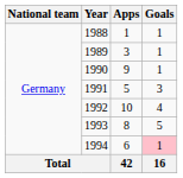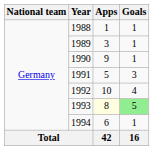 <table class="wikitable" style="text-align:center">
 <tr>
 <th>National team</th>
 <th>Year</th>
 <th>Apps</th>
 <th>Goals</th>
 </tr>
 <tr>
 <td rowspan="7"><a href='#'>Germany</a></td>
 <td>1988</td>
 <td>1</td>
 <td>1</td>
 </tr>
 <tr>
 <td>1989</td>
 <td>3</td>
 <td>1</td>
 </tr>
 <tr>
 <td>1990</td>
 <td>9</td>
 <td>1</td>
 </tr>
 <tr>
 <td>1991</td>
 <td>5</td>
 <td>3</td>
 </tr>
 <tr>
 <td>1992</td>
 <td>10</td>
 <td>4</td>
 </tr>
 <tr>
 <td>1993</td>
-<td>8</td>
-<td>5</td>
+<td style="background: lightyellow;">8</td>
+<td style="background: lightgreen;">5</td>
 </tr>
 <tr>
 <td>1994</td>
 <td>6</td>
-<td style="background: pink;">1</td>
+<td>1</td>
 </tr>
 <tr>
 <th colspan="2">Total</th>
 <th>42</th>
 <th>16</th>
 </tr>
 </table>
